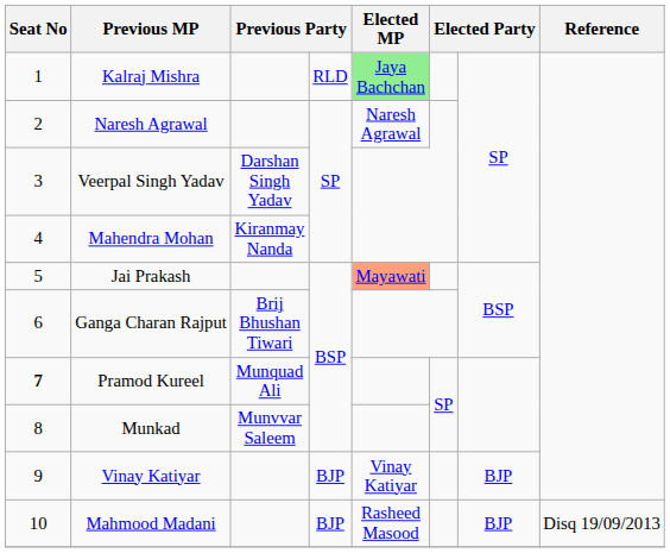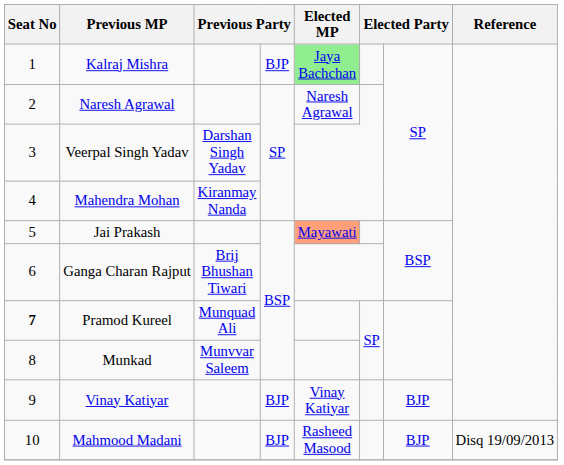 <table class="wikitable">
 <tr>
 <th>Seat No</th>
 <th>Previous MP</th>
 <th colspan=2>Previous Party</th>
 <th>Elected MP</th>
 <th colspan=2>Elected Party</th>
 <th>Reference</th>
 </tr>
 <tr style="text-align:center;">
 <td>1</td>
 <td><a href='#'>Kalraj Mishra</a></td>
 <td width="1px"></td>
-<td><a href='#'>RLD</a></td>
+<td><a href='#'>BJP</a></td>
 <td style="background: lightgreen;"><a href='#'>Jaya Bachchan</a></td>
 <td width="1px"></td>
 <td rowspan=4><a href='#'>SP</a></td>
 <td rowspan=9></td>
 </tr>
 <tr style="text-align:center;">
 <td>2</td>
 <td><a href='#'>Naresh Agrawal</a></td>
 <td width="1px"></td>
 <td rowspan=3><a href='#'>SP</a></td>
 <td><a href='#'>Naresh Agrawal</a></td>
 </tr>
 <tr style="text-align:center;">
 <td>3</td>
 <td>Veerpal Singh Yadav</td>
 <td><a href='#'>Darshan Singh Yadav</a></td>
 </tr>
 <tr style="text-align:center;">
 <td>4</td>
 <td><a href='#'>Mahendra Mohan</a></td>
 <td><a href='#'>Kiranmay Nanda</a></td>
 </tr>
 <tr style="text-align:center;">
 <td>5</td>
 <td>Jai Prakash</td>
 <td width="1px"></td>
 <td rowspan=4><a href='#'>BSP</a></td>
 <td style="background: lightsalmon;"><a href='#'>Mayawati</a></td>
 <td width="1px"></td>
 <td rowspan=2><a href='#'>BSP</a></td>
 </tr>
 <tr style="text-align:center;">
 <td>6</td>
 <td>Ganga Charan Rajput</td>
 <td><a href='#'>Brij Bhushan Tiwari</a></td>
 </tr>
 <tr style="text-align:center;">
 <td><strong>7</strong></td>
 <td>Pramod Kureel</td>
 <td><a href='#'>Munquad Ali</a></td>
 <td width="1px"></td>
 <td rowspan=2><a href='#'>SP</a></td>
 </tr>
 <tr style="text-align:center;">
 <td>8</td>
 <td>Munkad</td>
 <td><a href='#'>Munvvar Saleem</a></td>
 </tr>
 <tr style="text-align:center;">
 <td>9</td>
 <td><a href='#'>Vinay Katiyar</a></td>
 <td width="1px"></td>
 <td><a href='#'>BJP</a></td>
 <td><a href='#'>Vinay Katiyar</a></td>
 <td width="1px"></td>
 <td><a href='#'>BJP</a></td>
 </tr>
 <tr style="text-align:center;">
 <td>10</td>
 <td><a href='#'>Mahmood Madani</a></td>
 <td width="1px"></td>
 <td><a href='#'>BJP</a></td>
 <td><a href='#'>Rasheed Masood</a></td>
 <td width="1px"></td>
 <td><a href='#'>BJP</a></td>
 <td>Disq 19/09/2013</td>
 </tr>
 <tr>
 </tr>
 </table>
